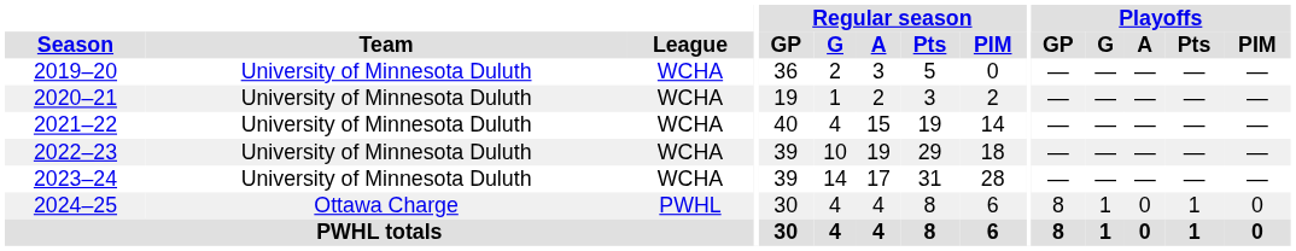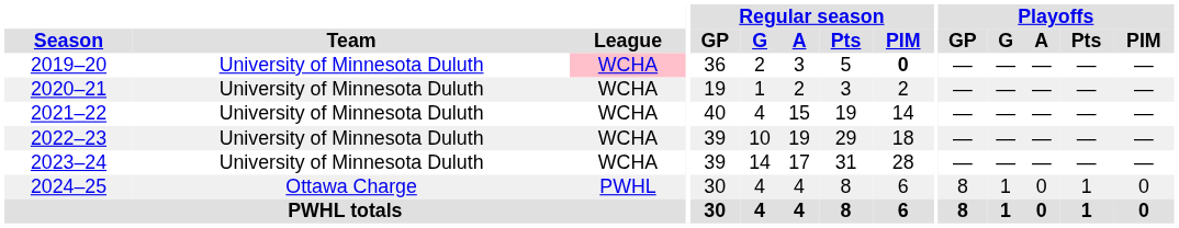 <table border="0" cellpadding="1" cellspacing="0" style="text-align:center; width:60em">
 <tr bgcolor="#e0e0e0">
 <th colspan="3" bgcolor="#ffffff"></th>
 <th rowspan="97" bgcolor="#ffffff"></th>
 <th colspan="5"><a href='#'>Regular season</a></th>
 <th rowspan="97" bgcolor="#ffffff"></th>
 <th colspan="5"><a href='#'>Playoffs</a></th>
 </tr>
 <tr bgcolor="#e0e0e0">
 <th><a href='#'>Season</a></th>
 <th>Team</th>
 <th>League</th>
 <th>GP</th>
 <th><a href='#'>G</a></th>
 <th><a href='#'>A</a></th>
 <th><a href='#'>Pts</a></th>
 <th><a href='#'>PIM</a></th>
 <th>GP</th>
 <th>G</th>
 <th>A</th>
 <th>Pts</th>
 <th>PIM</th>
 </tr>
 <tr>
 <td><a href='#'>2019–20</a></td>
 <td><a href='#'>University of Minnesota Duluth</a></td>
-<td><a href='#'>WCHA</a></td>
+<td style="background: pink;"><a href='#'>WCHA</a></td>
 <td>36</td>
 <td>2</td>
 <td>3</td>
 <td>5</td>
-<td>0</td>
+<td><strong>0</strong></td>
 <td>—</td>
 <td>—</td>
 <td>—</td>
 <td>—</td>
 <td>—</td>
 </tr>
 <tr bgcolor="#f0f0f0">
 <td><a href='#'>2020–21</a></td>
 <td>University of Minnesota Duluth</td>
 <td>WCHA</td>
 <td>19</td>
 <td>1</td>
 <td>2</td>
 <td>3</td>
 <td>2</td>
 <td>—</td>
 <td>—</td>
 <td>—</td>
 <td>—</td>
 <td>—</td>
 </tr>
 <tr>
 <td><a href='#'>2021–22</a></td>
 <td>University of Minnesota Duluth</td>
 <td>WCHA</td>
 <td>40</td>
 <td>4</td>
 <td>15</td>
 <td>19</td>
 <td>14</td>
 <td>—</td>
 <td>—</td>
 <td>—</td>
 <td>—</td>
 <td>—</td>
 </tr>
 <tr bgcolor="#f0f0f0">
 <td><a href='#'>2022–23</a></td>
 <td>University of Minnesota Duluth</td>
 <td>WCHA</td>
 <td>39</td>
 <td>10</td>
 <td>19</td>
 <td>29</td>
 <td>18</td>
 <td>—</td>
 <td>—</td>
 <td>—</td>
 <td>—</td>
 <td>—</td>
 </tr>
 <tr>
 <td><a href='#'>2023–24</a></td>
 <td>University of Minnesota Duluth</td>
 <td>WCHA</td>
 <td>39</td>
 <td>14</td>
 <td>17</td>
 <td>31</td>
 <td>28</td>
 <td>—</td>
 <td>—</td>
 <td>—</td>
 <td>—</td>
 <td>—</td>
 </tr>
 <tr bgcolor="#f0f0f0">
 <td><a href='#'>2024–25</a></td>
 <td><a href='#'>Ottawa Charge</a></td>
 <td><a href='#'>PWHL</a></td>
 <td>30</td>
 <td>4</td>
 <td>4</td>
 <td>8</td>
 <td>6</td>
 <td>8</td>
 <td>1</td>
 <td>0</td>
 <td>1</td>
 <td>0</td>
 </tr>
 <tr bgcolor="#e0e0e0">
 <th colspan="3">PWHL totals</th>
 <th>30</th>
 <th>4</th>
 <th>4</th>
 <th>8</th>
 <th>6</th>
 <th>8</th>
 <th>1</th>
 <th>0</th>
 <th>1</th>
 <th>0</th>
 </tr>
 </table>
